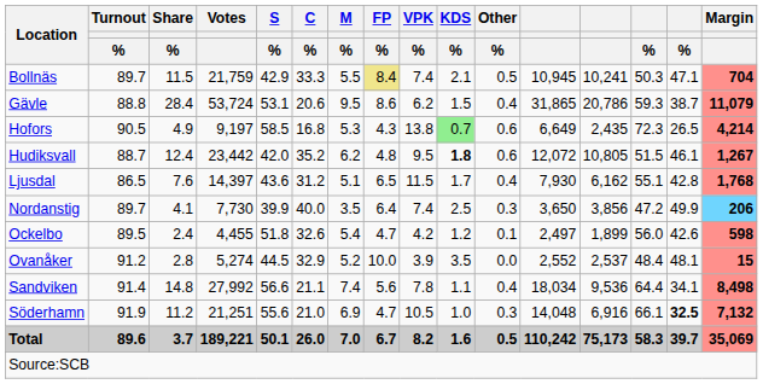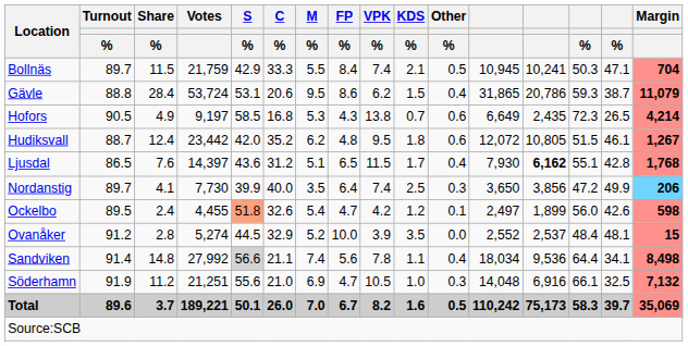 <table class="wikitable sortable" style="text-align:right; font-size:95%; line-height:20px;">
 <tr>
 <th rowspan="3">Location</th>
 <th>Turnout</th>
 <th>Share</th>
 <th>Votes</th>
 <th width="30px" class="unsortable"><a href='#'>S</a></th>
 <th width="30px" class="unsortable"><a href='#'>C</a></th>
 <th width="30px" class="unsortable"><a href='#'>M</a></th>
 <th width="30px" class="unsortable"><a href='#'>FP</a></th>
 <th width="30px" class="unsortable"><a href='#'>VPK</a></th>
 <th width="30px" class="unsortable"><a href='#'>KDS</a></th>
 <th width="30px" class="unsortable">Other</th>
 <th></th>
 <th></th>
 <th></th>
 <th></th>
 <th>Margin</th>
 </tr>
 <tr>
 <th></th>
 <th></th>
 <th></th>
 <th style="background:"></th>
 <th style="background:"></th>
 <th style="background:"></th>
 <th style="background:"></th>
 <th style="background:"></th>
 <th style="background:"></th>
 <th style="background:"></th>
 <th style="background:"></th>
 <th style="background:"></th>
 <th style="background:"></th>
 <th style="background:"></th>
 <th></th>
 </tr>
 <tr>
 <th data-sort-type="number">%</th>
 <th data-sort-type="number">%</th>
 <th></th>
 <th data-sort-type="number">%</th>
 <th data-sort-type="number">%</th>
 <th data-sort-type="number">%</th>
 <th data-sort-type="number">%</th>
 <th data-sort-type="number">%</th>
 <th data-sort-type="number">%</th>
 <th data-sort-type="number">%</th>
 <th data-sort-type="number"></th>
 <th data-sort-type="number"></th>
 <th data-sort-type="number">%</th>
 <th data-sort-type="number">%</th>
 <th data-sort-type="number"></th>
 </tr>
 <tr>
 <td align=left><a href='#'>Bollnäs</a></td>
 <td>89.7</td>
 <td>11.5</td>
 <td>21,759</td>
 <td>42.9</td>
 <td>33.3</td>
 <td>5.5</td>
-<td style="background: khaki;">8.4</td>
+<td>8.4</td>
 <td>7.4</td>
 <td>2.1</td>
 <td>0.5</td>
 <td>10,945</td>
 <td>10,241</td>
 <td>50.3</td>
 <td>47.1</td>
 <td bgcolor=#ff908c><strong>704</strong></td>
 </tr>
 <tr>
 <td align=left><a href='#'>Gävle</a></td>
 <td>88.8</td>
 <td>28.4</td>
 <td>53,724</td>
 <td>53.1</td>
 <td>20.6</td>
 <td>9.5</td>
 <td>8.6</td>
 <td>6.2</td>
 <td>1.5</td>
 <td>0.4</td>
 <td>31,865</td>
 <td>20,786</td>
 <td>59.3</td>
 <td>38.7</td>
 <td bgcolor=#ff908c><strong>11,079</strong></td>
 </tr>
 <tr>
 <td align=left><a href='#'>Hofors</a></td>
 <td>90.5</td>
 <td>4.9</td>
 <td>9,197</td>
 <td>58.5</td>
 <td>16.8</td>
 <td>5.3</td>
 <td>4.3</td>
 <td>13.8</td>
-<td style="background: lightgreen;">0.7</td>
+<td>0.7</td>
 <td>0.6</td>
 <td>6,649</td>
 <td>2,435</td>
 <td>72.3</td>
 <td>26.5</td>
 <td bgcolor=#ff908c><strong>4,214</strong></td>
 </tr>
 <tr>
 <td align=left><a href='#'>Hudiksvall</a></td>
 <td>88.7</td>
 <td>12.4</td>
 <td>23,442</td>
 <td>42.0</td>
 <td>35.2</td>
 <td>6.2</td>
 <td>4.8</td>
 <td>9.5</td>
-<td><strong>1.8</strong></td>
+<td>1.8</td>
 <td>0.6</td>
 <td>12,072</td>
 <td>10,805</td>
 <td>51.5</td>
 <td>46.1</td>
 <td bgcolor=#ff908c><strong>1,267</strong></td>
 </tr>
 <tr>
 <td align=left><a href='#'>Ljusdal</a></td>
 <td>86.5</td>
 <td>7.6</td>
 <td>14,397</td>
 <td>43.6</td>
 <td>31.2</td>
 <td>5.1</td>
 <td>6.5</td>
 <td>11.5</td>
 <td>1.7</td>
 <td>0.4</td>
 <td>7,930</td>
-<td>6,162</td>
+<td><strong>6,162</strong></td>
 <td>55.1</td>
 <td>42.8</td>
 <td bgcolor=#ff908c><strong>1,768</strong></td>
 </tr>
 <tr>
 <td align=left><a href='#'>Nordanstig</a></td>
 <td>89.7</td>
 <td>4.1</td>
 <td>7,730</td>
 <td>39.9</td>
 <td>40.0</td>
 <td>3.5</td>
 <td>6.4</td>
 <td>7.4</td>
 <td>2.5</td>
 <td>0.3</td>
 <td>3,650</td>
 <td>3,856</td>
 <td>47.2</td>
 <td>49.9</td>
 <td bgcolor=#6fd5fe><strong>206</strong></td>
 </tr>
 <tr>
 <td align=left><a href='#'>Ockelbo</a></td>
 <td>89.5</td>
 <td>2.4</td>
 <td>4,455</td>
-<td>51.8</td>
+<td style="background: lightsalmon;">51.8</td>
 <td>32.6</td>
 <td>5.4</td>
 <td>4.7</td>
 <td>4.2</td>
 <td>1.2</td>
 <td>0.1</td>
 <td>2,497</td>
 <td>1,899</td>
 <td>56.0</td>
 <td>42.6</td>
 <td bgcolor=#ff908c><strong>598</strong></td>
 </tr>
 <tr>
 <td align=left><a href='#'>Ovanåker</a></td>
 <td>91.2</td>
 <td>2.8</td>
 <td>5,274</td>
 <td>44.5</td>
 <td>32.9</td>
 <td>5.2</td>
 <td>10.0</td>
 <td>3.9</td>
 <td>3.5</td>
 <td>0.0</td>
 <td>2,552</td>
 <td>2,537</td>
 <td>48.4</td>
 <td>48.1</td>
 <td bgcolor=#ff908c><strong>15</strong></td>
 </tr>
 <tr>
 <td align=left><a href='#'>Sandviken</a></td>
 <td>91.4</td>
 <td>14.8</td>
 <td>27,992</td>
-<td>56.6</td>
+<td style="background: lightgrey;">56.6</td>
 <td>21.1</td>
 <td>7.4</td>
 <td>5.6</td>
 <td>7.8</td>
 <td>1.1</td>
 <td>0.4</td>
 <td>18,034</td>
 <td>9,536</td>
 <td>64.4</td>
 <td>34.1</td>
 <td bgcolor=#ff908c><strong>8,498</strong></td>
 </tr>
 <tr>
 <td align=left><a href='#'>Söderhamn</a></td>
 <td>91.9</td>
 <td>11.2</td>
 <td>21,251</td>
 <td>55.6</td>
 <td>21.0</td>
 <td>6.9</td>
 <td>4.7</td>
 <td>10.5</td>
 <td>1.0</td>
 <td>0.3</td>
 <td>14,048</td>
 <td>6,916</td>
 <td>66.1</td>
-<td><strong>32.5</strong></td>
+<td>32.5</td>
 <td bgcolor=#ff908c><strong>7,132</strong></td>
 </tr>
 <tr style="background:#CDCDCD;">
 <td align=left><strong>Total</strong></td>
 <td><strong>89.6</strong></td>
 <td><strong>3.7</strong></td>
 <td><strong>189,221</strong></td>
 <td><strong>50.1</strong></td>
 <td><strong>26.0</strong></td>
 <td><strong>7.0</strong></td>
 <td><strong>6.7</strong></td>
 <td><strong>8.2</strong></td>
 <td><strong>1.6</strong></td>
 <td><strong>0.5</strong></td>
 <td><strong>110,242</strong></td>
 <td><strong>75,173</strong></td>
 <td><strong>58.3</strong></td>
 <td><strong>39.7</strong></td>
 <td bgcolor=#ff908c><strong>35,069</strong></td>
 </tr>
 <tr>
 <td align=left colspan=16>Source:SCB </td>
 </tr>
 </table>
